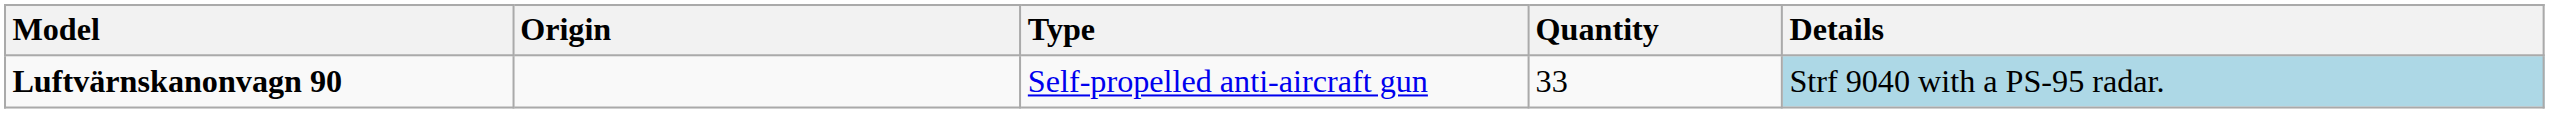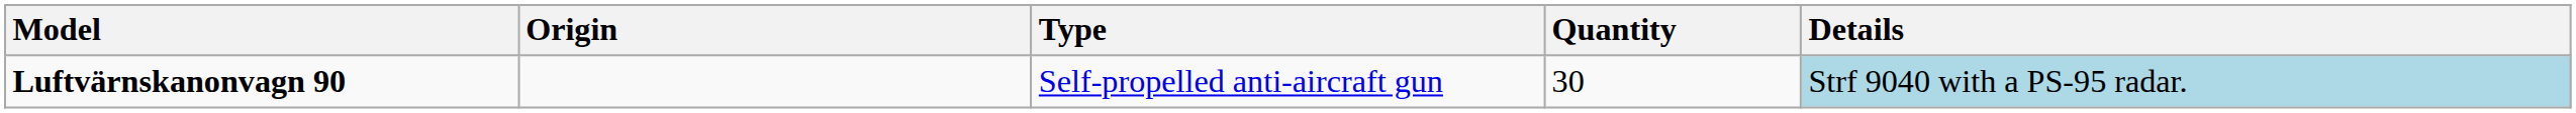 <table class="wikitable" style="width:100%;">
 <tr>
 <th style="text-align:left;width:20%;">Model</th>
 <th style="text-align:left;width:20%;">Origin</th>
 <th style="text-align:left;width:20%;">Type</th>
 <th style="text-align:left;width:10%;">Quantity</th>
 <th style="text-align:left;width:30%;">Details</th>
 </tr>
 <tr>
 <td><strong>Luft­värns­kanon­vagn 90</strong></td>
 <td></td>
 <td><a href='#'>Self-propelled anti-aircraft gun</a></td>
-<td>33</td>
+<td>30</td>
 <td style="background: lightblue;">Strf 9040 with a PS-95 radar.</td>
 </tr>
 </table>
